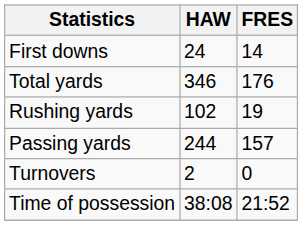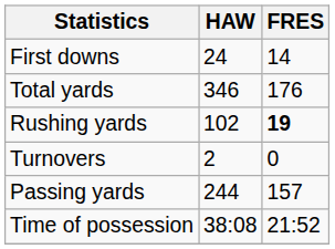 <table class="wikitable" style="float: left;">
 <tr>
 <th>Statistics</th>
 <th>HAW</th>
 <th>FRES</th>
 </tr>
 <tr>
 <td>First downs</td>
 <td>24</td>
 <td>14</td>
 </tr>
 <tr>
 <td>Total yards</td>
 <td>346</td>
 <td>176</td>
 </tr>
 <tr>
 <td>Rushing yards</td>
 <td>102</td>
-<td>19</td>
+<td><strong>19</strong></td>
+</tr>
+<tr>
+<td>Turnovers</td>
+<td>2</td>
+<td>0</td>
 </tr>
 <tr>
 <td>Passing yards</td>
 <td>244</td>
 <td>157</td>
-</tr>
-<tr>
-<td>Turnovers</td>
-<td>2</td>
-<td>0</td>
 </tr>
 <tr>
 <td>Time of possession</td>
 <td>38:08</td>
 <td>21:52</td>
 </tr>
 <tr>
 </tr>
 </table>
